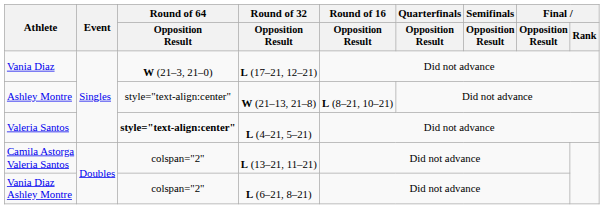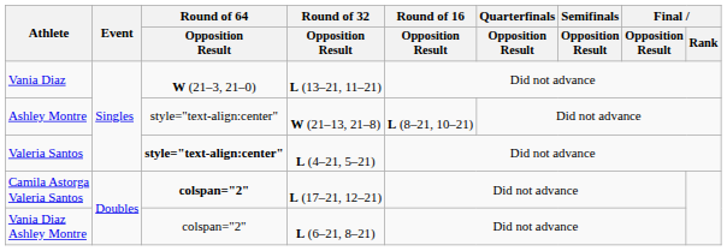 <table class=wikitable style=font-size:90%;text-align:center>
 <tr>
 <th rowspan=2>Athlete</th>
 <th rowspan=2>Event</th>
 <th>Round of 64</th>
 <th>Round of 32</th>
 <th>Round of 16</th>
 <th>Quarterfinals</th>
 <th>Semifinals</th>
 <th colspan=2>Final / </th>
 </tr>
 <tr style=font-size:95%>
 <th>Opposition<br>Result</th>
 <th>Opposition<br>Result</th>
 <th>Opposition<br>Result</th>
 <th>Opposition<br>Result</th>
 <th>Opposition<br>Result</th>
 <th>Opposition<br>Result</th>
 <th>Rank</th>
 </tr>
 <tr>
 <td style="text-align:left"><a href='#'>Vania Diaz</a></td>
 <td align="left" rowspan=3><a href='#'>Singles</a></td>
 <td><br><strong>W</strong> (21–3, 21–0)</td>
-<td><br><strong>L</strong> (17–21, 12–21)</td>
+<td><br><strong>L</strong> (13–21, 11–21)</td>
 <td colspan="5">Did not advance</td>
 </tr>
 <tr>
 <td style="text-align:left"><a href='#'>Ashley Montre</a></td>
 <td>style="text-align:center" </td>
 <td><br><strong>W</strong> (21–13, 21–8)</td>
 <td><br><strong>L</strong> (8–21, 10–21)</td>
 <td colspan="4">Did not advance</td>
 </tr>
 <tr>
 <td style="text-align:left"><a href='#'>Valeria Santos</a></td>
 <td><strong>style="text-align:center" </strong></td>
 <td><br><strong>L</strong> (4–21, 5–21)</td>
 <td colspan="5">Did not advance</td>
 </tr>
 <tr>
 <td style="text-align:left"><a href='#'>Camila Astorga</a><br><a href='#'>Valeria Santos</a></td>
 <td align="left" rowspan=2><a href='#'>Doubles</a></td>
-<td>colspan="2" </td>
-<td><br><strong>L</strong> (13–21, 11–21)</td>
+<td><strong>colspan="2" </strong></td>
+<td><br><strong>L</strong> (17–21, 12–21)</td>
 <td colspan="4">Did not advance</td>
 </tr>
 <tr>
 <td style="text-align:left"><a href='#'>Vania Diaz</a><br><a href='#'>Ashley Montre</a></td>
 <td>colspan="2" </td>
 <td><br><strong>L</strong> (6–21, 8–21)</td>
 <td colspan="4">Did not advance</td>
 </tr>
 </table>
